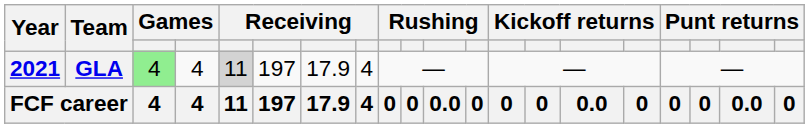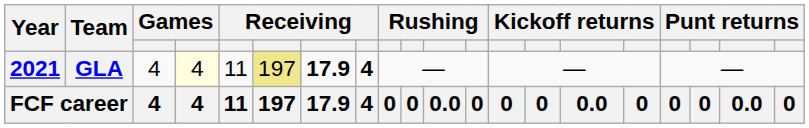 <table class="wikitable" style="text-align: center;">
 <tr>
 <th rowspan="2">Year</th>
 <th rowspan="2">Team</th>
 <th colspan="2">Games</th>
 <th colspan="4">Receiving</th>
 <th colspan="4">Rushing</th>
 <th colspan="4">Kickoff returns</th>
 <th colspan="4">Punt returns</th>
 </tr>
 <tr>
 <th></th>
 <th></th>
 <th></th>
 <th></th>
 <th></th>
 <th></th>
 <th></th>
 <th></th>
 <th></th>
 <th></th>
 <th></th>
 <th></th>
 <th></th>
 <th></th>
 <th></th>
 <th></th>
 <th></th>
 <th></th>
 </tr>
 <tr>
 <th><a href='#'>2021</a></th>
 <th><a href='#'>GLA</a></th>
-<td style="background: lightgreen;">4</td>
 <td>4</td>
-<td style="background: lightgrey;">11</td>
-<td>197</td>
-<td>17.9</td>
-<td>4</td>
+<td style="background: lightyellow;">4</td>
+<td>11</td>
+<td style="background: khaki;">197</td>
+<td><strong>17.9</strong></td>
+<td><strong>4</strong></td>
 <td colspan="4">—</td>
 <td colspan="4">—</td>
 <td colspan="4">—</td>
 </tr>
 <tr>
 <th colspan="2">FCF career</th>
 <th>4</th>
 <th>4</th>
 <th>11</th>
 <th>197</th>
 <th>17.9</th>
 <th>4</th>
 <th>0</th>
 <th>0</th>
 <th>0.0</th>
 <th>0</th>
 <th>0</th>
 <th>0</th>
 <th>0.0</th>
 <th>0</th>
 <th>0</th>
 <th>0</th>
 <th>0.0</th>
 <th>0</th>
 </tr>
 </table>
